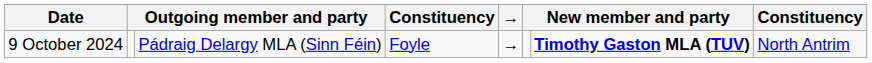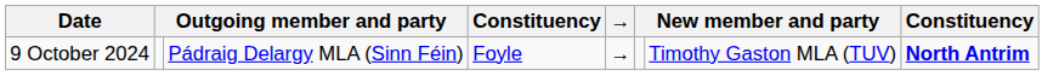 <table class="wikitable">
 <tr>
 <th valign="top">Date</th>
 <th colspan="2" valign="top">Outgoing member and party</th>
 <th valign="top">Constituency</th>
 <th>→</th>
 <th colspan="2" valign="top">New member and party</th>
 <th valign="top">Constituency</th>
 </tr>
 <tr>
 <td>9 October 2024</td>
 <td></td>
 <td><a href='#'>Pádraig Delargy</a> MLA (<a href='#'>Sinn Féin</a>)</td>
 <td><a href='#'>Foyle</a></td>
 <td>→</td>
 <td></td>
-<td><strong><a href='#'>Timothy Gaston</a> MLA (<a href='#'>TUV</a>)</strong></td>
-<td><a href='#'>North Antrim</a></td>
+<td><a href='#'>Timothy Gaston</a> MLA (<a href='#'>TUV</a>)</td>
+<td><strong><a href='#'>North Antrim</a></strong></td>
 </tr>
 </table>
